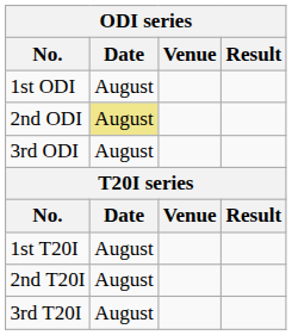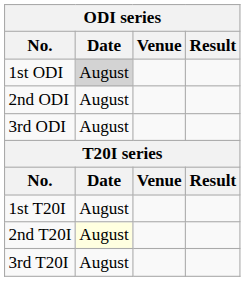 <table class="wikitable">
 <tr>
 <th colspan="4">ODI series</th>
 </tr>
 <tr>
 <th>No.</th>
 <th>Date</th>
 <th>Venue</th>
 <th>Result</th>
 </tr>
 <tr>
 <td>1st ODI</td>
-<td>August</td>
+<td style="background: lightgrey;">August</td>
 <td></td>
 <td></td>
 </tr>
 <tr>
 <td>2nd ODI</td>
-<td style="background: khaki;">August</td>
+<td>August</td>
 <td></td>
 <td></td>
 </tr>
 <tr>
 <td>3rd ODI</td>
 <td>August</td>
 <td></td>
 <td></td>
 </tr>
 <tr>
 <th colspan="4">T20I series</th>
 </tr>
 <tr>
 <th>No.</th>
 <th>Date</th>
 <th>Venue</th>
 <th>Result</th>
 </tr>
 <tr>
 <td>1st T20I</td>
 <td>August</td>
 <td></td>
 <td></td>
 </tr>
 <tr>
 <td>2nd T20I</td>
-<td>August</td>
+<td style="background: lightyellow;">August</td>
 <td></td>
 <td></td>
 </tr>
 <tr>
 <td>3rd T20I</td>
 <td>August</td>
 <td></td>
 <td></td>
 </tr>
 </table>
